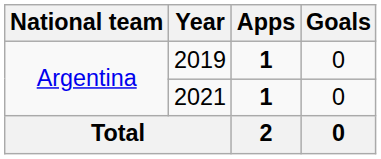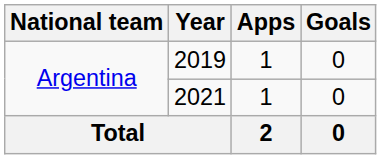 <table class=wikitable style=text-align:center>
 <tr>
 <th>National team</th>
 <th>Year</th>
 <th>Apps</th>
 <th>Goals</th>
 </tr>
 <tr>
 <td rowspan="2"><a href='#'>Argentina</a></td>
 <td>2019</td>
-<td><strong>1</strong></td>
+<td>1</td>
 <td>0</td>
 </tr>
 <tr>
 <td>2021</td>
-<td><strong>1</strong></td>
+<td>1</td>
 <td>0</td>
 </tr>
 <tr>
 <th colspan="2">Total</th>
 <th>2</th>
 <th>0</th>
 </tr>
 </table>
